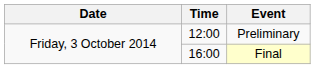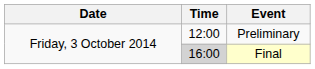 <table class = "wikitable" style="text-align:center;">
 <tr>
 <th width=220>Date</th>
 <th width=50>Time</th>
 <th width=100>Event</th>
 </tr>
 <tr>
 <td rowspan=2>Friday, 3 October 2014</td>
 <td>12:00</td>
 <td>Preliminary</td>
 </tr>
 <tr>
-<td>16:00</td>
+<td style="background: lightgrey;">16:00</td>
 <td bgcolor=ffffcc>Final</td>
 </tr>
 </table>
